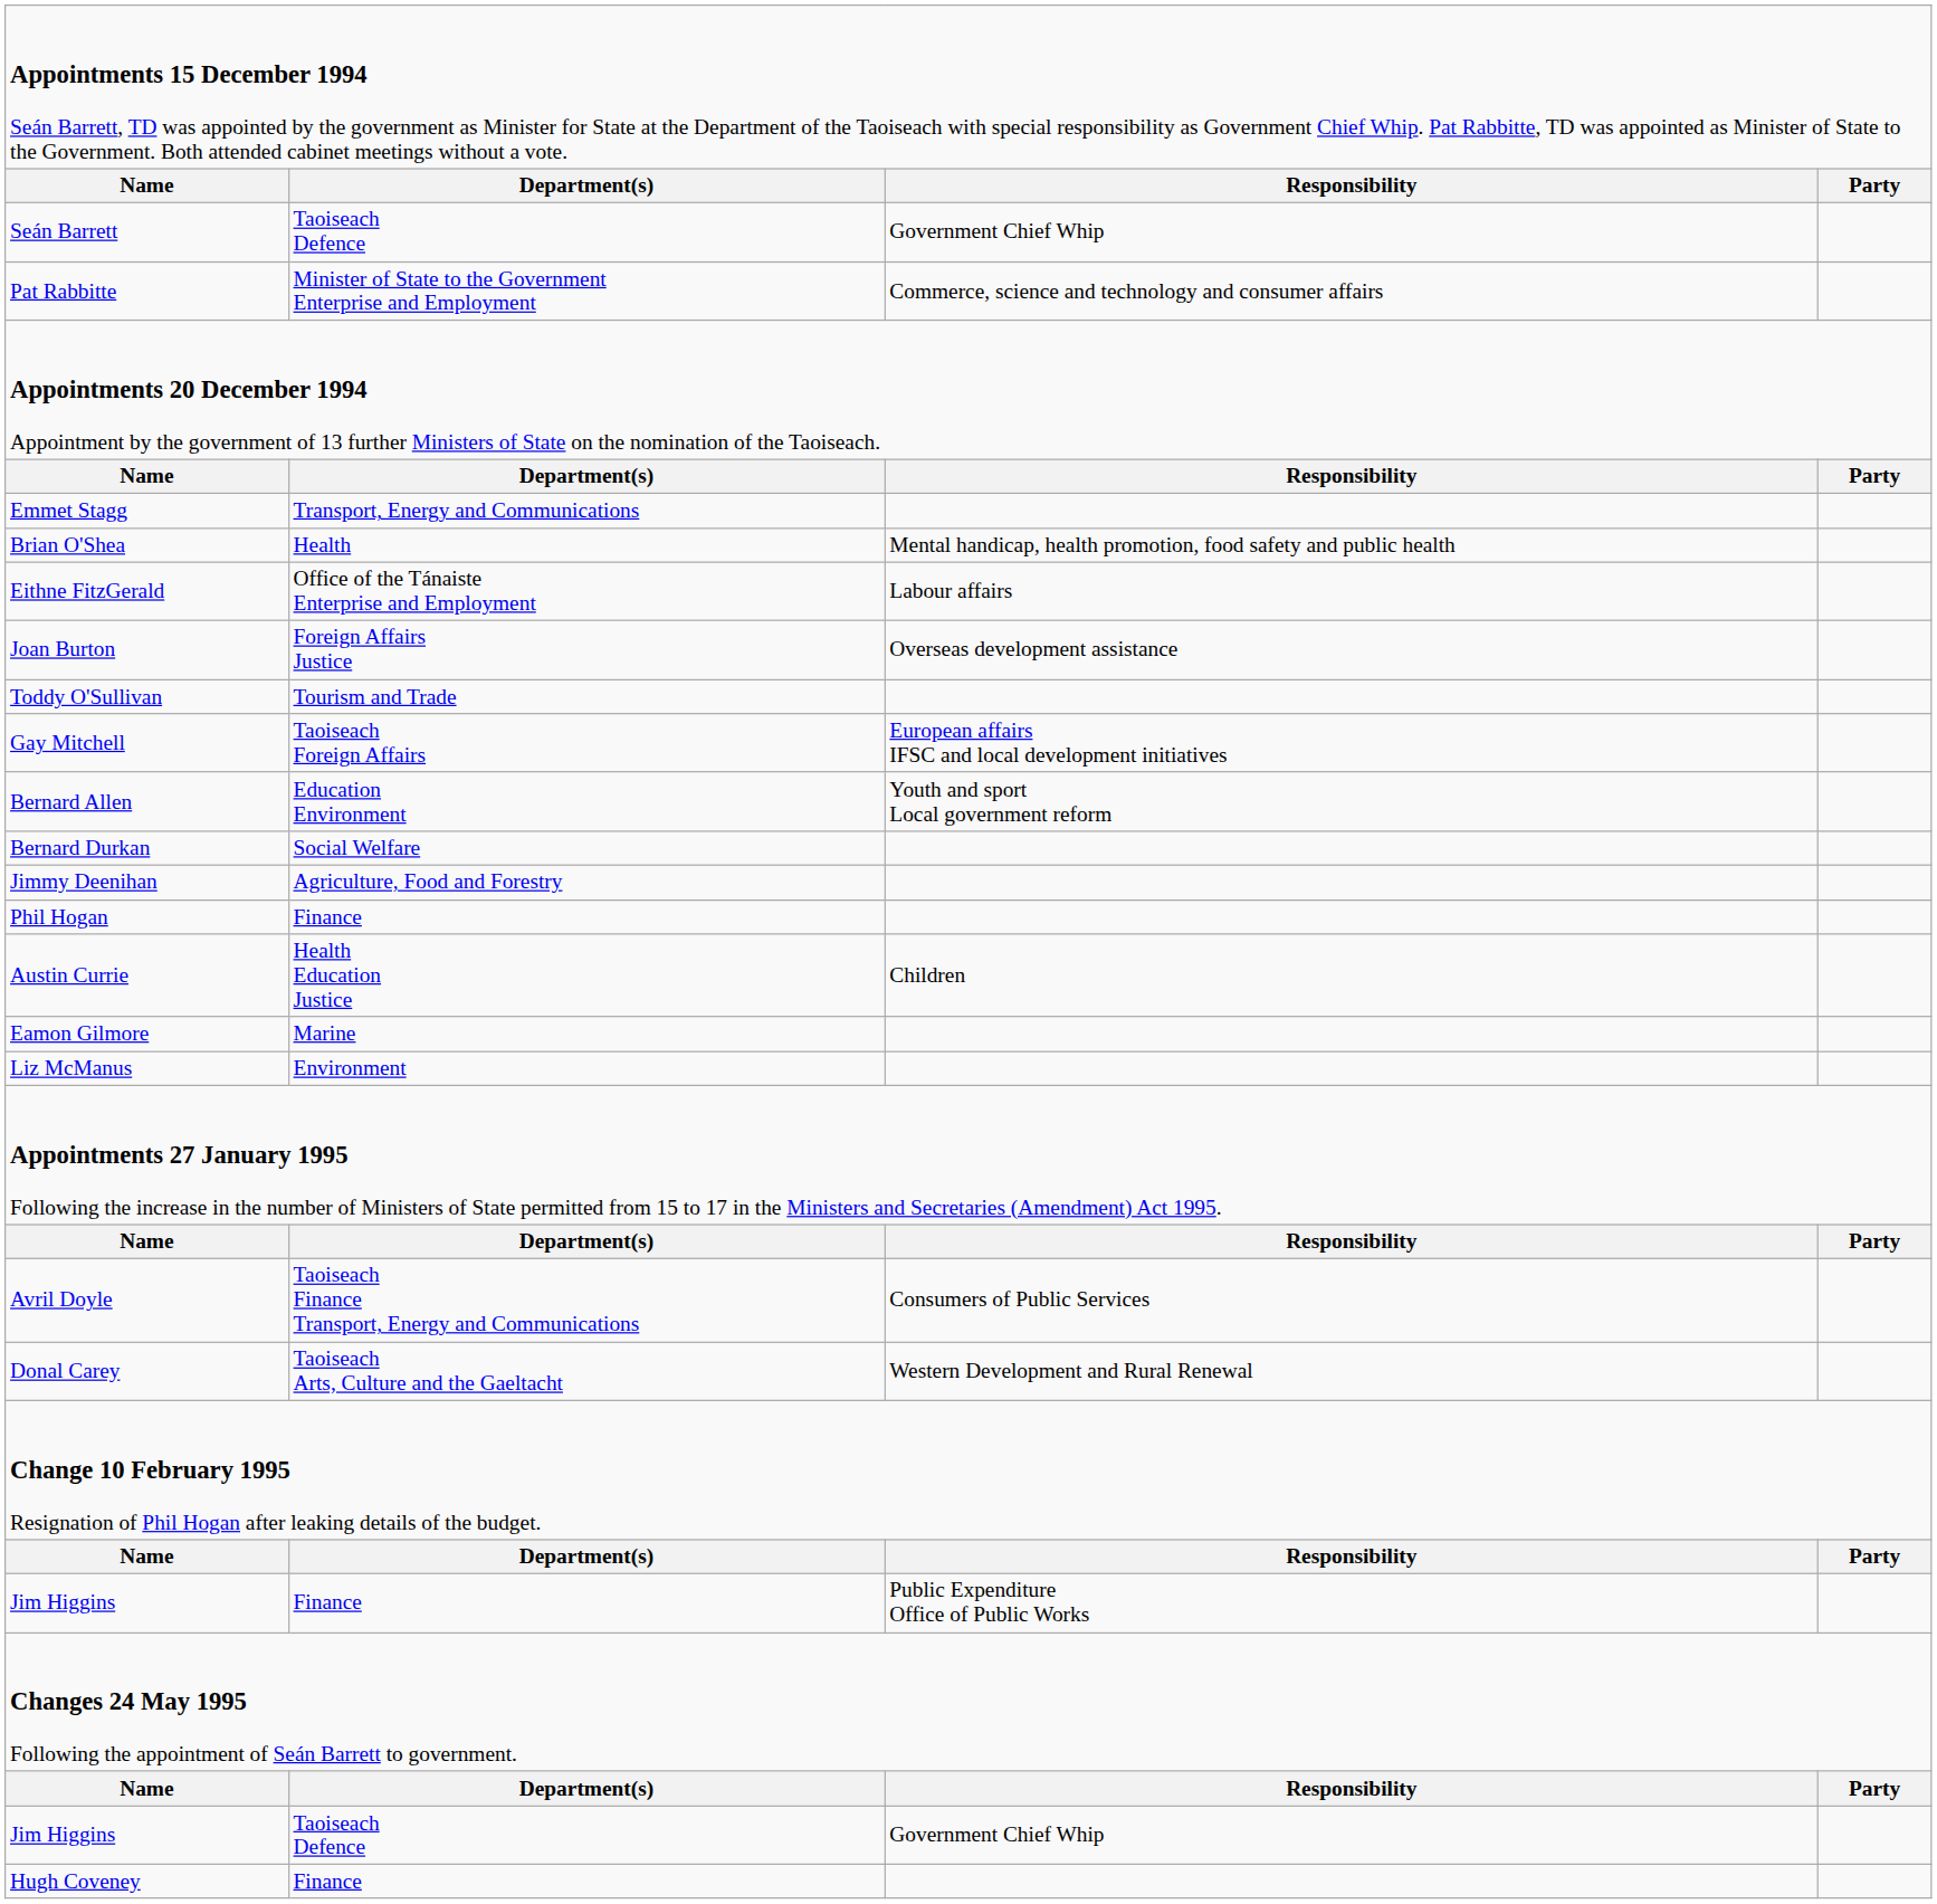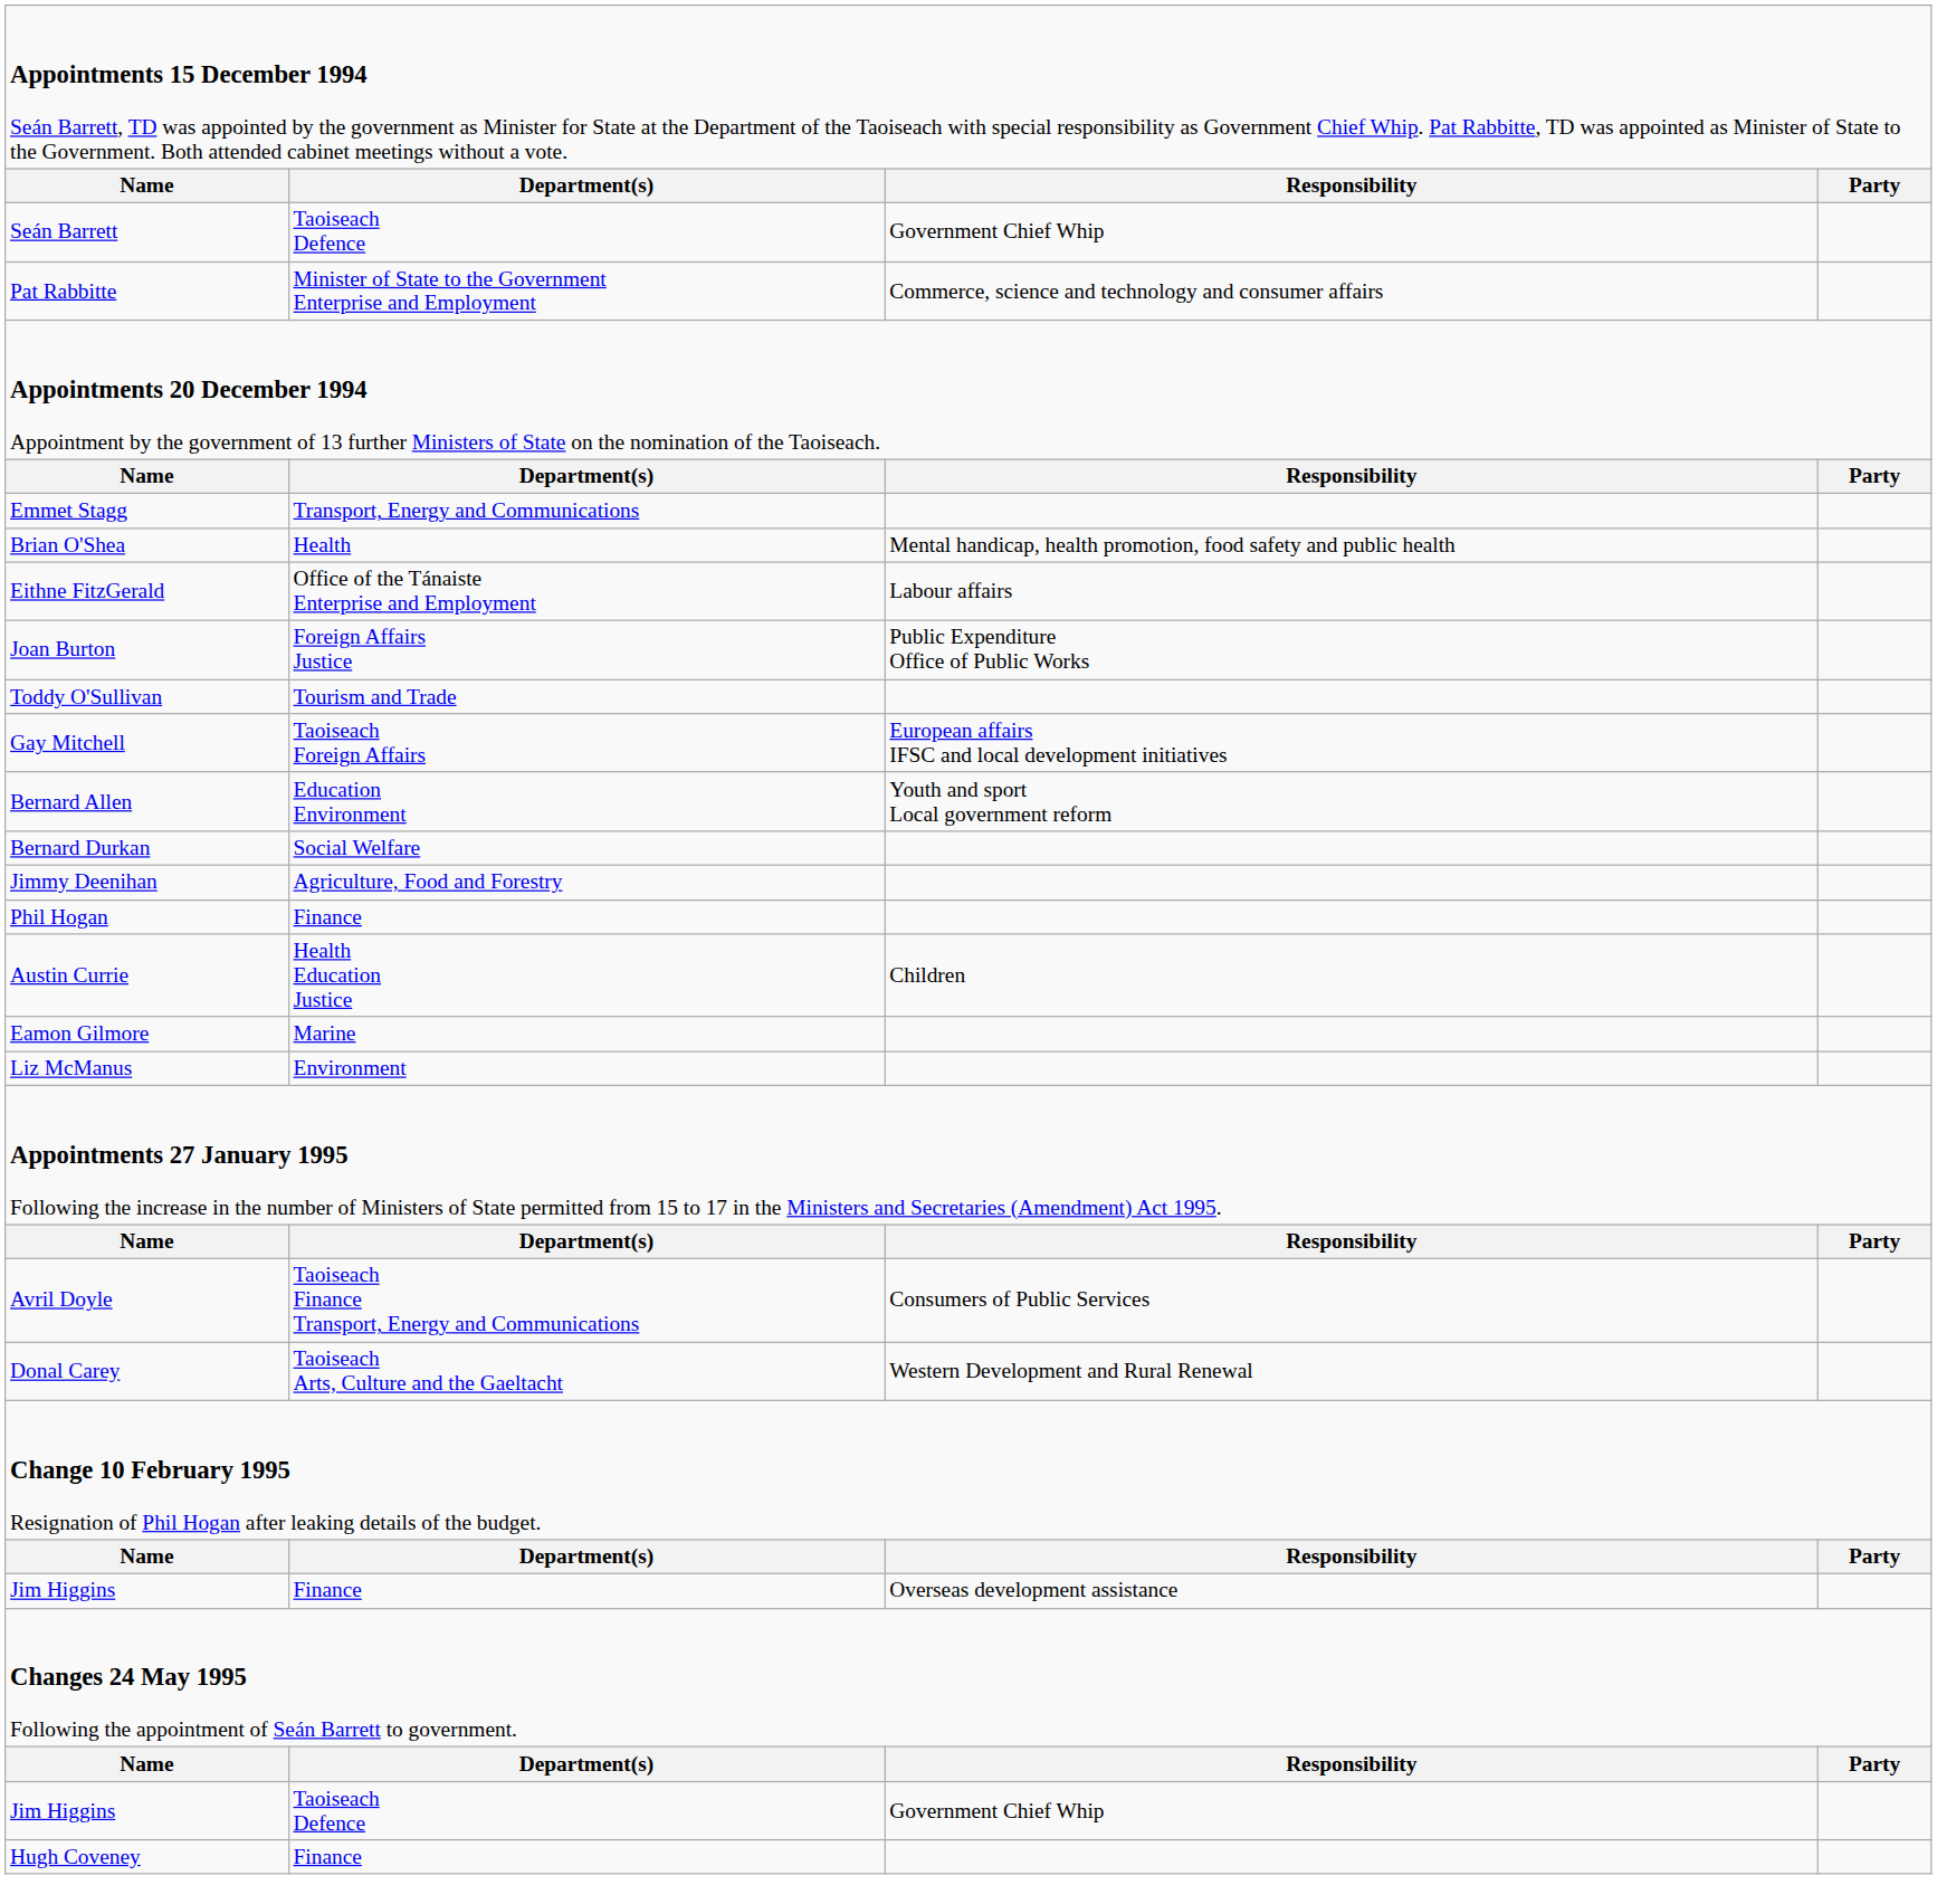 <table class="wikitable" width="90%">
 <tr>
 <td colspan="5"><br><h3>Appointments 15 December 1994</h3><a href='#'>Seán Barrett</a>, <a href='#'>TD</a> was appointed by the government as Minister for State at the Department of the Taoiseach with special responsibility as Government <a href='#'>Chief Whip</a>. <a href='#'>Pat Rabbitte</a>, TD was appointed as Minister of State to the Government. Both attended cabinet meetings without a vote.</td>
 </tr>
 <tr>
 <th>Name</th>
 <th>Department(s)</th>
 <th>Responsibility</th>
 <th colspan="2">Party</th>
 </tr>
 <tr>
 <td><a href='#'>Seán Barrett</a></td>
 <td><a href='#'>Taoiseach</a><br><a href='#'>Defence</a></td>
 <td>Government Chief Whip</td>
 <td></td>
 </tr>
 <tr>
 <td><a href='#'>Pat Rabbitte</a></td>
 <td><a href='#'>Minister of State to the Government</a><br><a href='#'>Enterprise and Employment</a></td>
 <td>Commerce, science and technology and consumer affairs</td>
 <td></td>
 </tr>
 <tr>
 <td colspan="5"><br><h3>Appointments 20 December 1994</h3>Appointment by the government of 13 further <a href='#'>Ministers of State</a> on the nomination of the Taoiseach.</td>
 </tr>
 <tr>
 <th>Name</th>
 <th>Department(s)</th>
 <th>Responsibility</th>
 <th colspan="2">Party</th>
 </tr>
 <tr>
 <td><a href='#'>Emmet Stagg</a></td>
 <td><a href='#'>Transport, Energy and Communications</a></td>
 <td></td>
 <td></td>
 </tr>
 <tr>
 <td><a href='#'>Brian O'Shea</a></td>
 <td><a href='#'>Health</a></td>
 <td>Mental handicap, health promotion, food safety and public health</td>
 <td></td>
 </tr>
 <tr>
 <td><a href='#'>Eithne FitzGerald</a></td>
 <td>Office of the Tánaiste<br><a href='#'>Enterprise and Employment</a></td>
 <td>Labour affairs</td>
 <td></td>
 </tr>
 <tr>
 <td><a href='#'>Joan Burton</a></td>
 <td><a href='#'>Foreign Affairs</a><br><a href='#'>Justice</a></td>
-<td>Overseas development assistance</td>
+<td>Public Expenditure<br>Office of Public Works</td>
 <td></td>
 </tr>
 <tr>
 <td><a href='#'>Toddy O'Sullivan</a></td>
 <td><a href='#'>Tourism and Trade</a></td>
 <td></td>
 <td></td>
 </tr>
 <tr>
 <td><a href='#'>Gay Mitchell</a></td>
 <td><a href='#'>Taoiseach</a><br><a href='#'>Foreign Affairs</a></td>
 <td><a href='#'>European affairs</a><br>IFSC and local development initiatives</td>
 <td></td>
 </tr>
 <tr>
 <td><a href='#'>Bernard Allen</a></td>
 <td><a href='#'>Education</a><br><a href='#'>Environment</a></td>
 <td>Youth and sport<br>Local government reform</td>
 <td></td>
 </tr>
 <tr>
 <td><a href='#'>Bernard Durkan</a></td>
 <td><a href='#'>Social Welfare</a></td>
 <td></td>
 <td></td>
 </tr>
 <tr>
 <td><a href='#'>Jimmy Deenihan</a></td>
 <td><a href='#'>Agriculture, Food and Forestry</a></td>
 <td></td>
 <td></td>
 </tr>
 <tr>
 <td><a href='#'>Phil Hogan</a></td>
 <td><a href='#'>Finance</a></td>
 <td></td>
 <td></td>
 </tr>
 <tr>
 <td><a href='#'>Austin Currie</a></td>
 <td><a href='#'>Health</a><br><a href='#'>Education</a><br><a href='#'>Justice</a></td>
 <td>Children</td>
 <td></td>
 </tr>
 <tr>
 <td><a href='#'>Eamon Gilmore</a></td>
 <td><a href='#'>Marine</a></td>
 <td></td>
 <td></td>
 </tr>
 <tr>
 <td><a href='#'>Liz McManus</a></td>
 <td><a href='#'>Environment</a></td>
 <td></td>
 <td></td>
 </tr>
 <tr>
 <td colspan="5"><br><h3>Appointments 27 January 1995</h3>Following the increase in the number of Ministers of State permitted from 15 to 17 in the <a href='#'>Ministers and Secretaries (Amendment) Act 1995</a>.</td>
 </tr>
 <tr>
 <th>Name</th>
 <th>Department(s)</th>
 <th>Responsibility</th>
 <th colspan="2">Party</th>
 </tr>
 <tr>
 <td><a href='#'>Avril Doyle</a></td>
 <td><a href='#'>Taoiseach</a><br><a href='#'>Finance</a><br><a href='#'>Transport, Energy and Communications</a></td>
 <td>Consumers of Public Services</td>
 <td></td>
 </tr>
 <tr>
 <td><a href='#'>Donal Carey</a></td>
 <td><a href='#'>Taoiseach</a><br><a href='#'>Arts, Culture and the Gaeltacht</a></td>
 <td>Western Development and Rural Renewal</td>
 <td></td>
 </tr>
 <tr>
 <td colspan="5"><br><h3>Change 10 February 1995</h3>Resignation of <a href='#'>Phil Hogan</a> after leaking details of the budget.</td>
 </tr>
 <tr>
 <th>Name</th>
 <th>Department(s)</th>
 <th>Responsibility</th>
 <th colspan="2">Party</th>
 </tr>
 <tr>
 <td><a href='#'>Jim Higgins</a></td>
 <td><a href='#'>Finance</a></td>
-<td>Public Expenditure<br>Office of Public Works</td>
+<td>Overseas development assistance</td>
 <td></td>
 </tr>
 <tr>
 <td colspan="5"><br><h3>Changes 24 May 1995</h3>Following the appointment of <a href='#'>Seán Barrett</a> to government.</td>
 </tr>
 <tr>
 <th>Name</th>
 <th>Department(s)</th>
 <th>Responsibility</th>
 <th colspan="2">Party</th>
 </tr>
 <tr>
 <td><a href='#'>Jim Higgins</a></td>
 <td><a href='#'>Taoiseach</a><br><a href='#'>Defence</a></td>
 <td>Government Chief Whip</td>
 <td></td>
 </tr>
 <tr>
 <td><a href='#'>Hugh Coveney</a></td>
 <td><a href='#'>Finance</a></td>
 <td></td>
 <td></td>
 </tr>
 </table>
